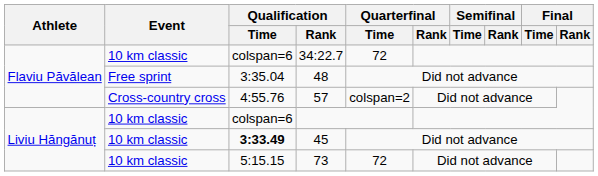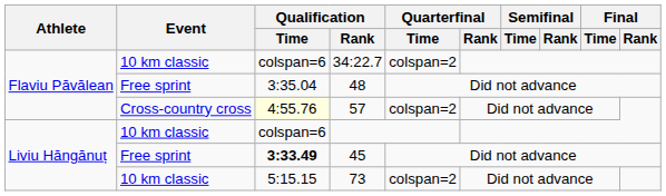 <table class="wikitable" style="font-size:90%">
 <tr>
 <th rowspan="2">Athlete</th>
 <th rowspan="2">Event</th>
 <th colspan="2">Qualification</th>
 <th colspan="2">Quarterfinal</th>
 <th colspan="2">Semifinal</th>
 <th colspan="2">Final</th>
 </tr>
 <tr style="font-size:95%">
 <th>Time</th>
 <th>Rank</th>
 <th>Time</th>
 <th>Rank</th>
 <th>Time</th>
 <th>Rank</th>
 <th>Time</th>
 <th>Rank</th>
 </tr>
 <tr align=center>
 <td align=left rowspan=3><a href='#'>Flaviu Păvălean</a></td>
 <td align=left><a href='#'>10 km classic</a></td>
 <td>colspan=6 </td>
 <td>34:22.7</td>
-<td>72</td>
+<td>colspan=2 </td>
 </tr>
 <tr align=center>
 <td align=left><a href='#'>Free sprint</a></td>
 <td>3:35.04</td>
 <td>48</td>
 <td colspan=6>Did not advance</td>
 </tr>
 <tr align=center>
 <td align=left><a href='#'>Cross-country cross</a></td>
-<td>4:55.76</td>
+<td style="background: lightyellow;">4:55.76</td>
 <td>57</td>
 <td>colspan=2 </td>
 <td colspan=4>Did not advance</td>
 </tr>
 <tr align=center>
 <td align=left rowspan=3><a href='#'>Liviu Hăngănuț</a></td>
 <td align=left><a href='#'>10 km classic</a></td>
 <td>colspan=6 </td>
 <td colspan=2></td>
 </tr>
 <tr align=center>
-<td align=left><a href='#'>10 km classic</a></td>
+<td align=left><a href='#'>Free sprint</a></td>
 <td><strong>3:33.49</strong></td>
 <td>45</td>
 <td colspan=6>Did not advance</td>
 </tr>
 <tr align=center>
 <td align=left><a href='#'>10 km classic</a></td>
 <td>5:15.15</td>
 <td>73</td>
-<td>72</td>
+<td>colspan=2 </td>
 <td colspan=4>Did not advance</td>
 </tr>
 </table>
